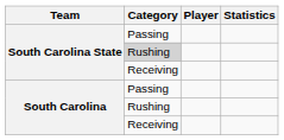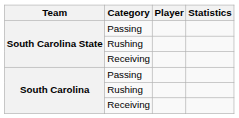 <table class="wikitable" style="float:right">
 <tr>
 <th>Team</th>
 <th>Category</th>
 <th>Player</th>
 <th>Statistics</th>
 </tr>
 <tr>
 <th rowspan=3>South Carolina State</th>
 <td>Passing</td>
 <td></td>
 <td></td>
 </tr>
 <tr>
-<td style="background: lightgrey;">Rushing</td>
+<td>Rushing</td>
 <td></td>
 <td></td>
 </tr>
 <tr>
 <td>Receiving</td>
 <td></td>
 <td></td>
 </tr>
 <tr>
 <th rowspan=3>South Carolina</th>
 <td>Passing</td>
 <td></td>
 <td></td>
 </tr>
 <tr>
 <td>Rushing</td>
 <td></td>
 <td></td>
 </tr>
 <tr>
 <td>Receiving</td>
 <td></td>
 <td></td>
 </tr>
 </table>
